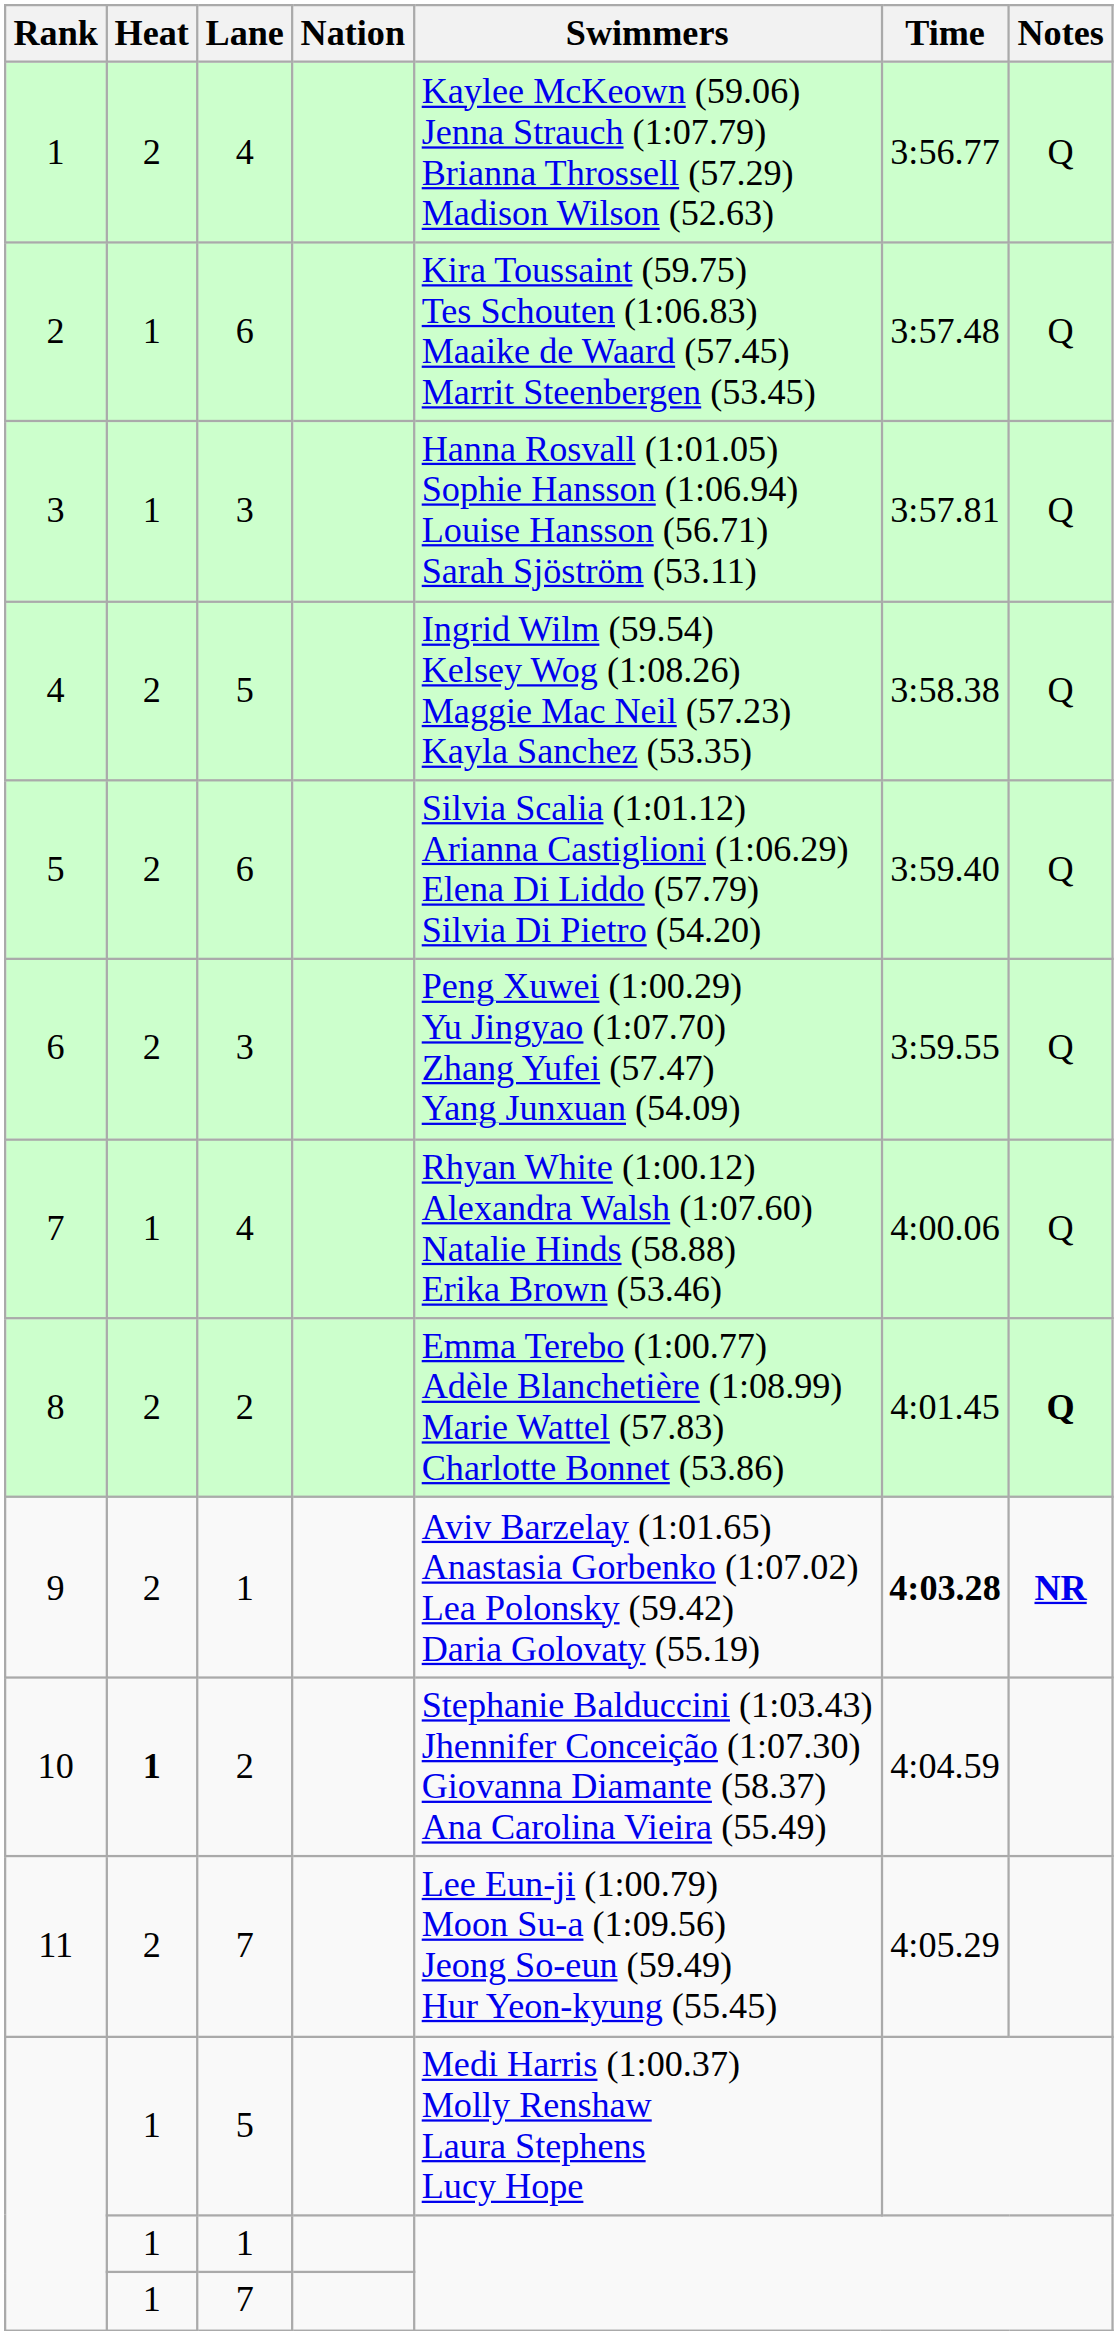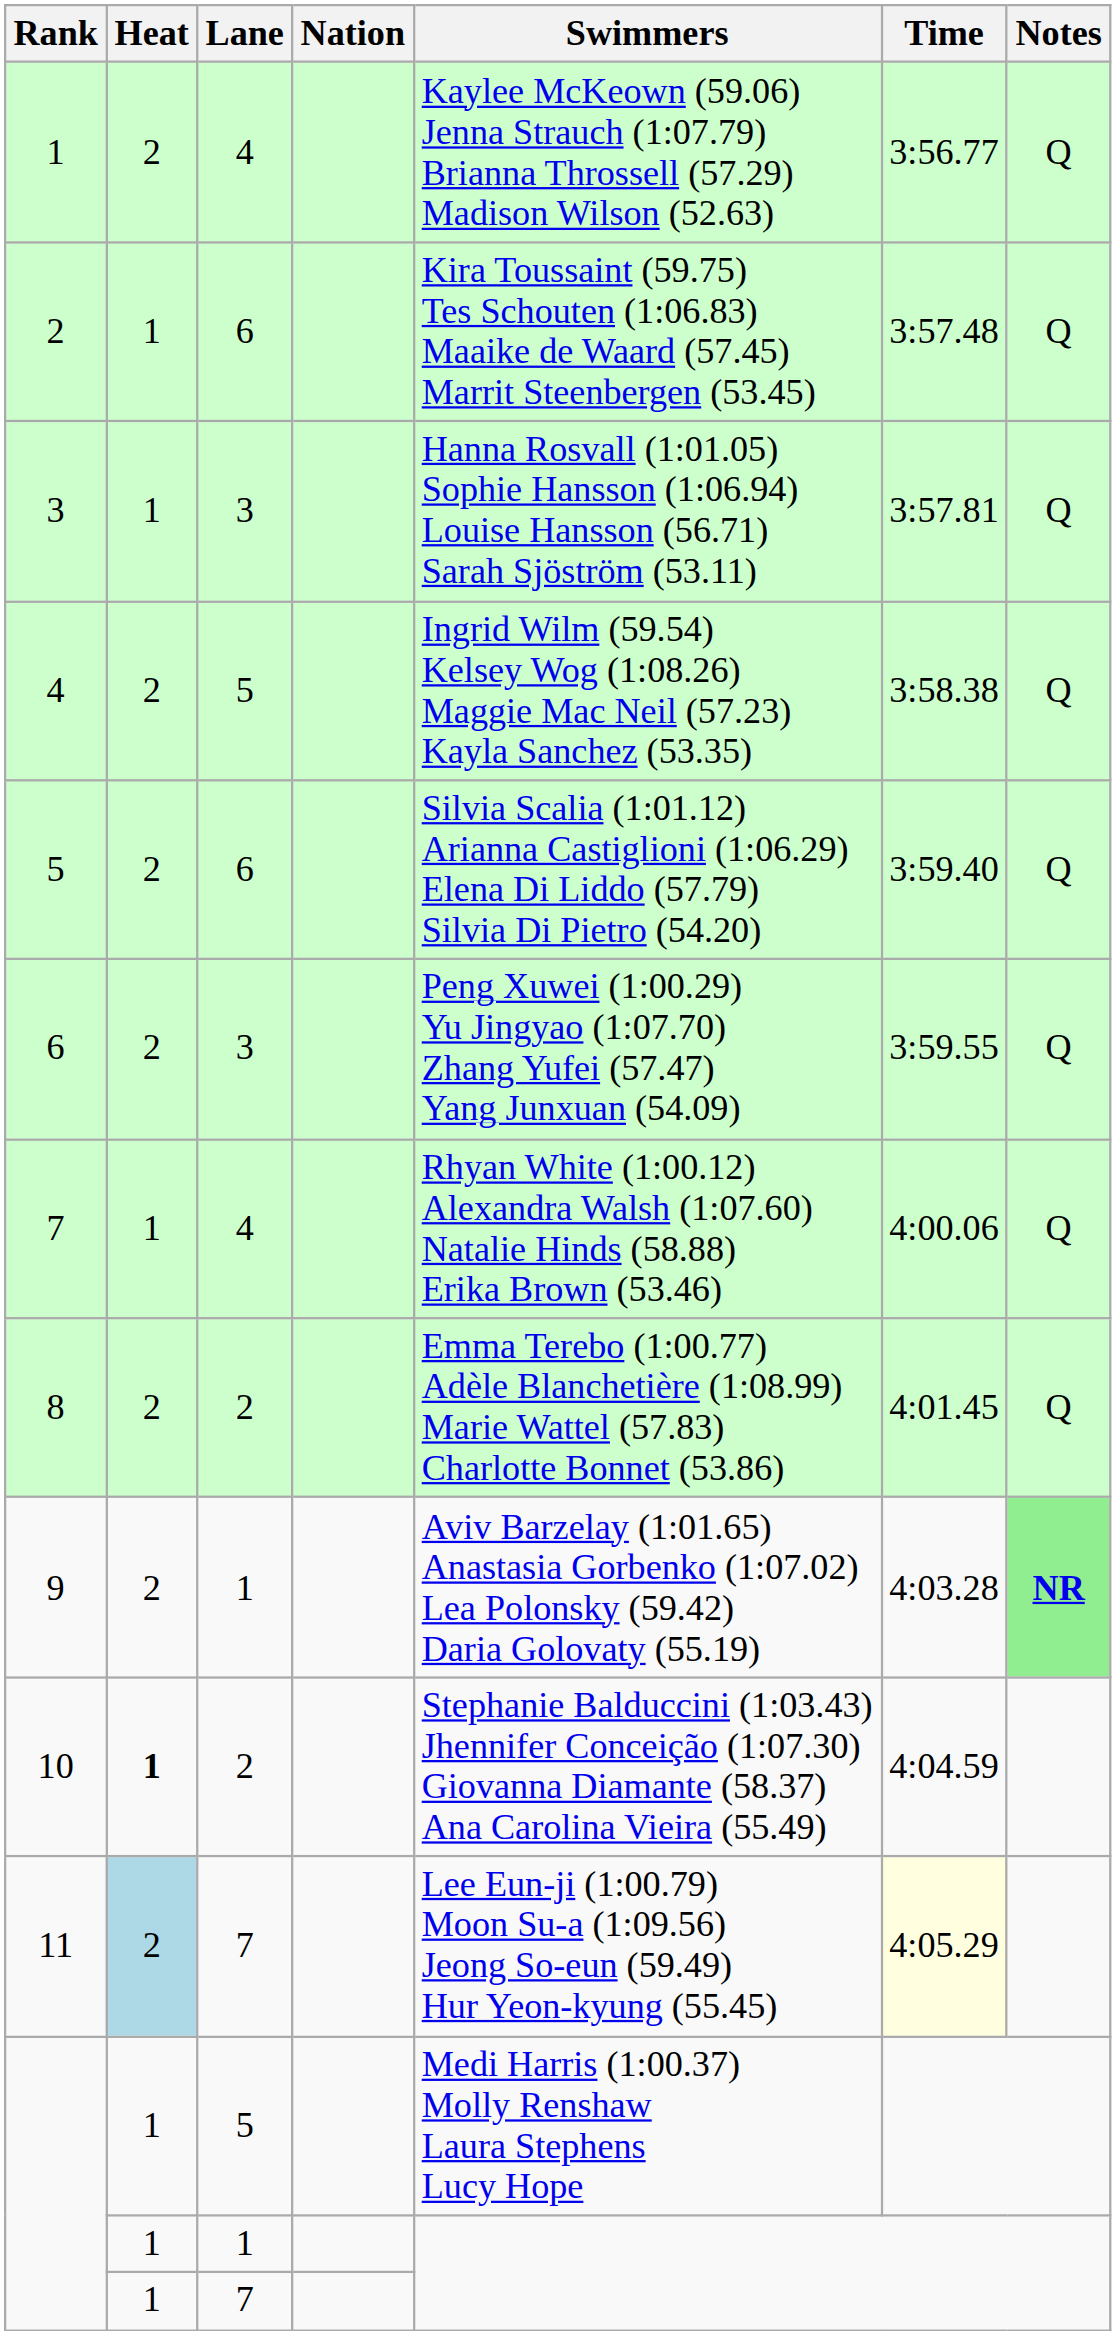 <table class="wikitable sortable" style="text-align:center">
 <tr>
 <th>Rank</th>
 <th>Heat</th>
 <th>Lane</th>
 <th>Nation</th>
 <th>Swimmers</th>
 <th>Time</th>
 <th>Notes</th>
 </tr>
 <tr bgcolor=ccffcc>
 <td>1</td>
 <td>2</td>
 <td>4</td>
 <td align=left></td>
 <td align=left><a href='#'>Kaylee McKeown</a> (59.06)<br><a href='#'>Jenna Strauch</a> (1:07.79)<br><a href='#'>Brianna Throssell</a> (57.29)<br><a href='#'>Madison Wilson</a> (52.63)</td>
 <td>3:56.77</td>
 <td>Q</td>
 </tr>
 <tr bgcolor=ccffcc>
 <td>2</td>
 <td>1</td>
 <td>6</td>
 <td align=left></td>
 <td align=left><a href='#'>Kira Toussaint</a> (59.75)<br><a href='#'>Tes Schouten</a> (1:06.83)<br><a href='#'>Maaike de Waard</a> (57.45)<br><a href='#'>Marrit Steenbergen</a> (53.45)</td>
 <td>3:57.48</td>
 <td>Q</td>
 </tr>
 <tr bgcolor=ccffcc>
 <td>3</td>
 <td>1</td>
 <td>3</td>
 <td align=left></td>
 <td align=left><a href='#'>Hanna Rosvall</a> (1:01.05)<br><a href='#'>Sophie Hansson</a> (1:06.94)<br><a href='#'>Louise Hansson</a> (56.71)<br><a href='#'>Sarah Sjöström</a> (53.11)</td>
 <td>3:57.81</td>
 <td>Q</td>
 </tr>
 <tr bgcolor=ccffcc>
 <td>4</td>
 <td>2</td>
 <td>5</td>
 <td align=left></td>
 <td align=left><a href='#'>Ingrid Wilm</a> (59.54)<br><a href='#'>Kelsey Wog</a> (1:08.26)<br><a href='#'>Maggie Mac Neil</a> (57.23)<br><a href='#'>Kayla Sanchez</a> (53.35)</td>
 <td>3:58.38</td>
 <td>Q</td>
 </tr>
 <tr bgcolor=ccffcc>
 <td>5</td>
 <td>2</td>
 <td>6</td>
 <td align=left></td>
 <td align=left><a href='#'>Silvia Scalia</a> (1:01.12)<br><a href='#'>Arianna Castiglioni</a> (1:06.29)<br><a href='#'>Elena Di Liddo</a> (57.79)<br><a href='#'>Silvia Di Pietro</a> (54.20)</td>
 <td>3:59.40</td>
 <td>Q</td>
 </tr>
 <tr bgcolor=ccffcc>
 <td>6</td>
 <td>2</td>
 <td>3</td>
 <td align=left></td>
 <td align=left><a href='#'>Peng Xuwei</a> (1:00.29)<br><a href='#'>Yu Jingyao</a> (1:07.70)<br><a href='#'>Zhang Yufei</a> (57.47)<br><a href='#'>Yang Junxuan</a> (54.09)</td>
 <td>3:59.55</td>
 <td>Q</td>
 </tr>
 <tr bgcolor=ccffcc>
 <td>7</td>
 <td>1</td>
 <td>4</td>
 <td align=left></td>
 <td align=left><a href='#'>Rhyan White</a> (1:00.12)<br><a href='#'>Alexandra Walsh</a> (1:07.60)<br><a href='#'>Natalie Hinds</a> (58.88)<br><a href='#'>Erika Brown</a> (53.46)</td>
 <td>4:00.06</td>
 <td>Q</td>
 </tr>
 <tr bgcolor=ccffcc>
 <td>8</td>
 <td>2</td>
 <td>2</td>
 <td align=left></td>
 <td align=left><a href='#'>Emma Terebo</a> (1:00.77)<br><a href='#'>Adèle Blanchetière</a> (1:08.99)<br><a href='#'>Marie Wattel</a> (57.83)<br><a href='#'>Charlotte Bonnet</a> (53.86)</td>
 <td>4:01.45</td>
-<td><strong>Q</strong></td>
+<td>Q</td>
 </tr>
 <tr>
 <td>9</td>
 <td>2</td>
 <td>1</td>
 <td align=left></td>
 <td align=left><a href='#'>Aviv Barzelay</a> (1:01.65)<br><a href='#'>Anastasia Gorbenko</a> (1:07.02)<br><a href='#'>Lea Polonsky</a> (59.42)<br><a href='#'>Daria Golovaty</a> (55.19)</td>
-<td><strong>4:03.28</strong></td>
-<td><strong><a href='#'>NR</a></strong></td>
+<td>4:03.28</td>
+<td style="background: lightgreen;"><strong><a href='#'>NR</a></strong></td>
 </tr>
 <tr>
 <td>10</td>
 <td><strong>1</strong></td>
 <td>2</td>
 <td align=left></td>
 <td align=left><a href='#'>Stephanie Balduccini</a> (1:03.43)<br><a href='#'>Jhennifer Conceição</a> (1:07.30)<br><a href='#'>Giovanna Diamante</a> (58.37)<br><a href='#'>Ana Carolina Vieira</a> (55.49)</td>
 <td>4:04.59</td>
 <td></td>
 </tr>
 <tr>
 <td>11</td>
-<td>2</td>
+<td style="background: lightblue;">2</td>
 <td>7</td>
 <td align=left></td>
 <td align=left><a href='#'>Lee Eun-ji</a> (1:00.79)<br><a href='#'>Moon Su-a</a> (1:09.56)<br><a href='#'>Jeong So-eun</a> (59.49)<br><a href='#'>Hur Yeon-kyung</a> (55.45)</td>
-<td>4:05.29</td>
+<td style="background: lightyellow;">4:05.29</td>
 <td></td>
 </tr>
 <tr>
 <td rowspan=3></td>
 <td>1</td>
 <td>5</td>
 <td align="left"></td>
 <td align="left"><a href='#'>Medi Harris</a> (1:00.37)<br><a href='#'>Molly Renshaw</a><br><a href='#'>Laura Stephens</a><br><a href='#'>Lucy Hope</a></td>
 <td colspan=2></td>
 </tr>
 <tr>
 <td>1</td>
 <td>1</td>
 <td align="left"></td>
 <td colspan=3 rowspan=2></td>
 </tr>
 <tr>
 <td>1</td>
 <td>7</td>
 <td align=left></td>
 </tr>
 </table>
